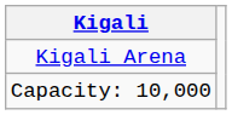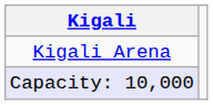 <table class="wikitable" style="text-align:center;">
 <tr>
 <th><a href='#'>Kigali</a></th>
 <td rowspan="4"><br></td>
 </tr>
 <tr>
 <td><a href='#'>Kigali Arena</a></td>
 </tr>
 <tr>
-<td>Capacity: 10,000</td>
+<td style="background: lavender;">Capacity: 10,000</td>
 </tr>
 </table>
